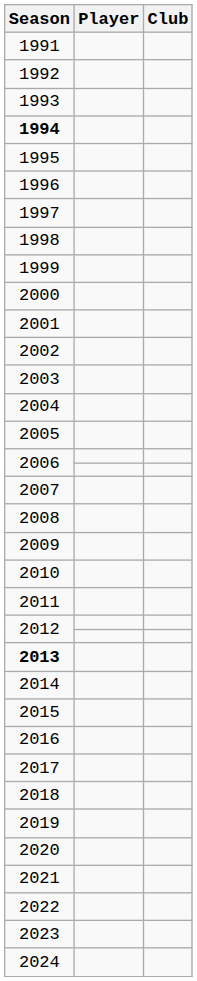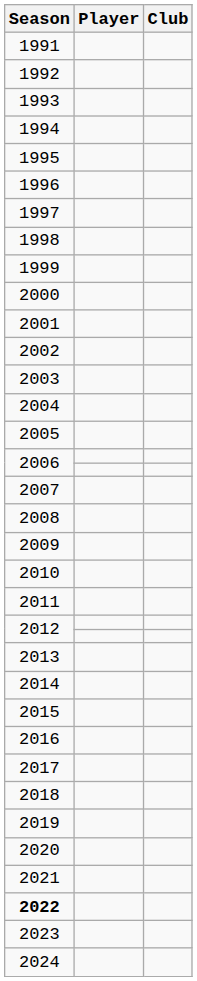 <table class="wikitable sortable">
 <tr>
 <th>Season</th>
 <th>Player</th>
 <th>Club</th>
 </tr>
 <tr>
 <td align=center>1991</td>
 <td></td>
 <td></td>
 </tr>
 <tr>
 <td align=center>1992</td>
 <td> </td>
 <td></td>
 </tr>
 <tr>
 <td align=center>1993</td>
 <td></td>
 <td></td>
 </tr>
 <tr>
-<td align=center><strong>1994</strong></td>
+<td align=center>1994</td>
 <td></td>
 <td></td>
 </tr>
 <tr>
 <td align=center>1995</td>
 <td> </td>
 <td></td>
 </tr>
 <tr>
 <td align=center>1996</td>
 <td> </td>
 <td></td>
 </tr>
 <tr>
 <td align=center>1997</td>
 <td> </td>
 <td></td>
 </tr>
 <tr>
 <td align=center>1998</td>
 <td></td>
 <td></td>
 </tr>
 <tr>
 <td align=center>1999</td>
 <td> </td>
 <td></td>
 </tr>
 <tr>
 <td align=center>2000</td>
 <td> </td>
 <td></td>
 </tr>
 <tr>
 <td align=center>2001</td>
 <td></td>
 <td></td>
 </tr>
 <tr>
 <td align=center>2002</td>
 <td> </td>
 <td></td>
 </tr>
 <tr>
 <td align=center>2003</td>
 <td> </td>
 <td></td>
 </tr>
 <tr>
 <td align=center>2004</td>
 <td></td>
 <td></td>
 </tr>
 <tr>
 <td align=center>2005</td>
 <td> </td>
 <td></td>
 </tr>
 <tr>
 <td rowspan=2 align=center>2006</td>
 <td> </td>
 <td></td>
 </tr>
 <tr>
 <td></td>
 <td></td>
 </tr>
 <tr>
 <td align=center>2007</td>
 <td></td>
 <td></td>
 </tr>
 <tr>
 <td align=center>2008</td>
 <td> </td>
 <td></td>
 </tr>
 <tr>
 <td align=center>2009</td>
 <td></td>
 <td></td>
 </tr>
 <tr>
 <td align=center>2010</td>
 <td></td>
 <td></td>
 </tr>
 <tr>
 <td align=center>2011</td>
 <td> </td>
 <td></td>
 </tr>
 <tr>
 <td rowspan=2 align=center>2012</td>
 <td> </td>
 <td></td>
 </tr>
 <tr>
 <td></td>
 <td></td>
 </tr>
 <tr>
-<td align=center><strong>2013</strong></td>
+<td align=center>2013</td>
 <td> </td>
 <td></td>
 </tr>
 <tr>
 <td align=center>2014</td>
 <td> </td>
 <td></td>
 </tr>
 <tr>
 <td align=center>2015</td>
 <td></td>
 <td></td>
 </tr>
 <tr>
 <td align=center>2016</td>
 <td> </td>
 <td></td>
 </tr>
 <tr>
 <td align=center>2017</td>
 <td></td>
 <td></td>
 </tr>
 <tr>
 <td align=center>2018</td>
 <td></td>
 <td></td>
 </tr>
 <tr>
 <td align=center>2019</td>
 <td></td>
 <td></td>
 </tr>
 <tr>
 <td align=center>2020</td>
 <td></td>
 <td></td>
 </tr>
 <tr>
 <td align=center>2021</td>
 <td></td>
 <td></td>
 </tr>
 <tr>
-<td align=center>2022</td>
+<td align=center><strong>2022</strong></td>
 <td></td>
 <td></td>
 </tr>
 <tr>
 <td align=center>2023</td>
 <td></td>
 <td></td>
 </tr>
 <tr>
 <td align=center>2024</td>
 <td> </td>
 <td></td>
 </tr>
 </table>
